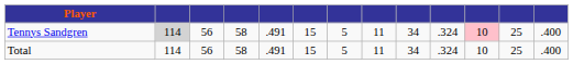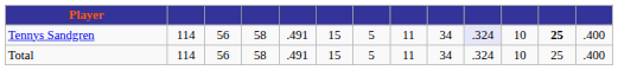 <table class="wikitable" style="text-align:center">
 <tr>
 <th style="background:#333399; color:#FF5800" width="200px">Player</th>
 <th style="background:#333399; color:#FF5800" width="40px"></th>
 <th style="background:#333399; color:#FF5800" width="40px"></th>
 <th style="background:#333399; color:#FF5800" width="40px"></th>
 <th style="background:#333399; color:#FF5800" width="40px"></th>
 <th style="background:#333399; color:#FF5800" width="40px"></th>
 <th style="background:#333399; color:#FF5800" width="40px"></th>
 <th style="background:#333399; color:#FF5800" width="40px"></th>
 <th style="background:#333399; color:#FF5800" width="40px"></th>
 <th style="background:#333399; color:#FF5800" width="40px"></th>
 <th style="background:#333399; color:#FF5800" width="40px"></th>
 <th style="background:#333399; color:#FF5800" width="40px"></th>
 <th style="background:#333399; color:#FF5800" width="40px"></th>
 </tr>
 <tr>
 <td style="text-align:left"><a href='#'>Tennys Sandgren</a></td>
-<td style="background: lightgrey;">114</td>
+<td>114</td>
 <td>56</td>
 <td>58</td>
 <td>.491</td>
 <td>15</td>
 <td>5</td>
 <td>11</td>
 <td>34</td>
-<td>.324</td>
-<td style="background: pink;">10</td>
-<td>25</td>
+<td style="background: lavender;">.324</td>
+<td>10</td>
+<td><strong>25</strong></td>
 <td>.400</td>
 </tr>
 <tr>
 <td style="text-align:left">Total</td>
 <td>114</td>
 <td>56</td>
 <td>58</td>
 <td>.491</td>
 <td>15</td>
 <td>5</td>
 <td>11</td>
 <td>34</td>
 <td>.324</td>
 <td>10</td>
 <td>25</td>
 <td>.400</td>
 </tr>
 </table>
